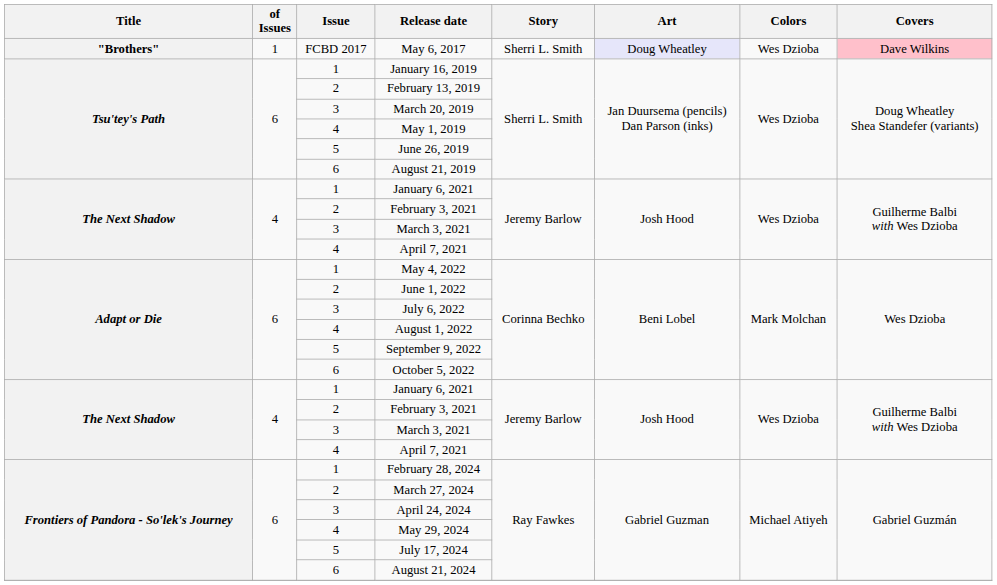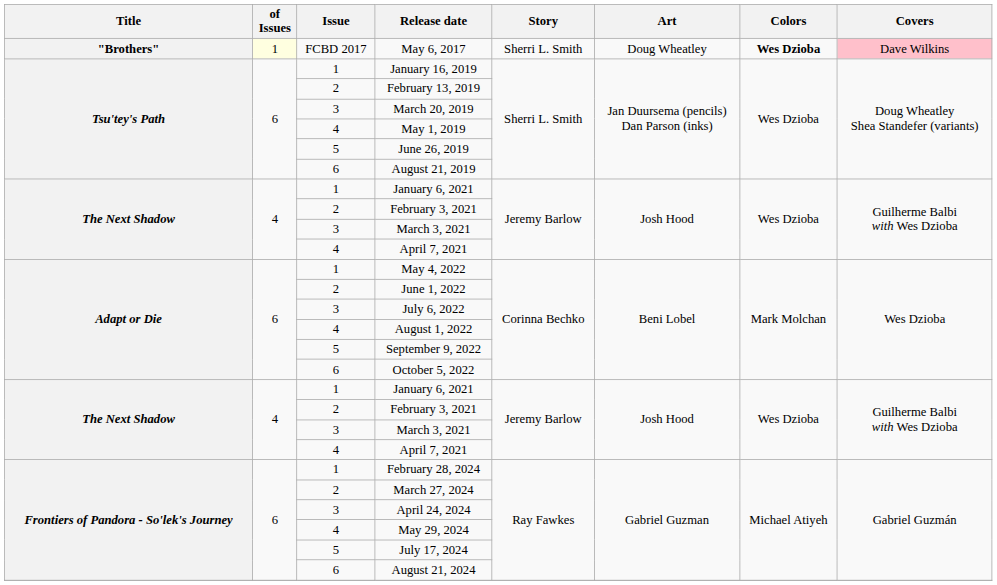 <table class="wikitable plainrowheaders" style="text-align: center; width:99%;">
 <tr>
 <th scope="col">Title</th>
 <th scope="col"> of<br>Issues</th>
 <th scope="col">Issue </th>
 <th scope="col">Release date</th>
 <th scope="col">Story</th>
 <th scope="col">Art</th>
 <th scope="col">Colors</th>
 <th scope="col">Covers</th>
 </tr>
 <tr>
 <th scope="row">"Brothers"</th>
-<td>1</td>
+<td style="background: lightyellow;">1</td>
 <td>FCBD 2017</td>
 <td>May 6, 2017</td>
 <td>Sherri L. Smith</td>
-<td style="background: lavender;">Doug Wheatley</td>
-<td>Wes Dzioba</td>
+<td>Doug Wheatley</td>
+<td><strong>Wes Dzioba</strong></td>
 <td style="background: pink;">Dave Wilkins</td>
 </tr>
 <tr>
 <th scope="row" rowspan="6"><em>Tsu'tey's Path</em></th>
 <td rowspan="6">6</td>
 <td>1</td>
 <td>January 16, 2019</td>
 <td rowspan="6">Sherri L. Smith</td>
 <td rowspan="6">Jan Duursema (pencils)<br>Dan Parson (inks)</td>
 <td rowspan="6">Wes Dzioba</td>
 <td rowspan="6">Doug Wheatley<br>Shea Standefer (variants)</td>
 </tr>
 <tr>
 <td>2</td>
 <td>February 13, 2019</td>
 </tr>
 <tr>
 <td>3</td>
 <td>March 20, 2019</td>
 </tr>
 <tr>
 <td>4</td>
 <td>May 1, 2019</td>
 </tr>
 <tr>
 <td>5</td>
 <td>June 26, 2019</td>
 </tr>
 <tr>
 <td>6</td>
 <td>August 21, 2019</td>
 </tr>
 <tr>
 <th scope="row" rowspan="4"><em>The Next Shadow</em></th>
 <td rowspan="4">4</td>
 <td>1</td>
 <td>January 6, 2021</td>
 <td rowspan="4">Jeremy Barlow</td>
 <td rowspan="4">Josh Hood</td>
 <td rowspan="4">Wes Dzioba</td>
 <td rowspan="4">Guilherme Balbi<br><em>with</em> Wes Dzioba</td>
 </tr>
 <tr>
 <td>2</td>
 <td>February 3, 2021</td>
 </tr>
 <tr>
 <td>3</td>
 <td>March 3, 2021</td>
 </tr>
 <tr>
 <td>4</td>
 <td>April 7, 2021</td>
 </tr>
 <tr>
 <th scope="row" rowspan="6"><em>Adapt or Die</em></th>
 <td rowspan="6">6</td>
 <td>1</td>
 <td>May 4, 2022</td>
 <td rowspan="6">Corinna Bechko</td>
 <td rowspan="6">Beni Lobel</td>
 <td rowspan="6">Mark Molchan</td>
 <td rowspan="6">Wes Dzioba</td>
 </tr>
 <tr>
 <td>2</td>
 <td>June 1, 2022</td>
 </tr>
 <tr>
 <td>3</td>
 <td>July 6, 2022</td>
 </tr>
 <tr>
 <td>4</td>
 <td>August 1, 2022</td>
 </tr>
 <tr>
 <td>5</td>
 <td>September 9, 2022</td>
 </tr>
 <tr>
 <td>6</td>
 <td>October 5, 2022</td>
 </tr>
 <tr>
 <th scope="row" rowspan="4"><em>The Next Shadow</em></th>
 <td rowspan="4">4</td>
 <td>1</td>
 <td>January 6, 2021</td>
 <td rowspan="4">Jeremy Barlow</td>
 <td rowspan="4">Josh Hood</td>
 <td rowspan="4">Wes Dzioba</td>
 <td rowspan="4">Guilherme Balbi<br><em>with</em> Wes Dzioba</td>
 </tr>
 <tr>
 <td>2</td>
 <td>February 3, 2021</td>
 </tr>
 <tr>
 <td>3</td>
 <td>March 3, 2021</td>
 </tr>
 <tr>
 <td>4</td>
 <td>April 7, 2021</td>
 </tr>
 <tr>
 <th scope="row" rowspan="6"><em>Frontiers of Pandora - So'lek's Journey</em></th>
 <td rowspan="6">6</td>
 <td>1</td>
 <td>February 28, 2024</td>
 <td rowspan="6">Ray Fawkes</td>
 <td rowspan="6">Gabriel Guzman</td>
 <td rowspan="6">Michael Atiyeh</td>
 <td rowspan="6">Gabriel Guzmán</td>
 </tr>
 <tr>
 <td>2</td>
 <td>March 27, 2024</td>
 </tr>
 <tr>
 <td>3</td>
 <td>April 24, 2024</td>
 </tr>
 <tr>
 <td>4</td>
 <td>May 29, 2024</td>
 </tr>
 <tr>
 <td>5</td>
 <td>July 17, 2024</td>
 </tr>
 <tr>
 <td>6</td>
 <td>August 21, 2024</td>
 </tr>
 <tr>
 </tr>
 </table>
